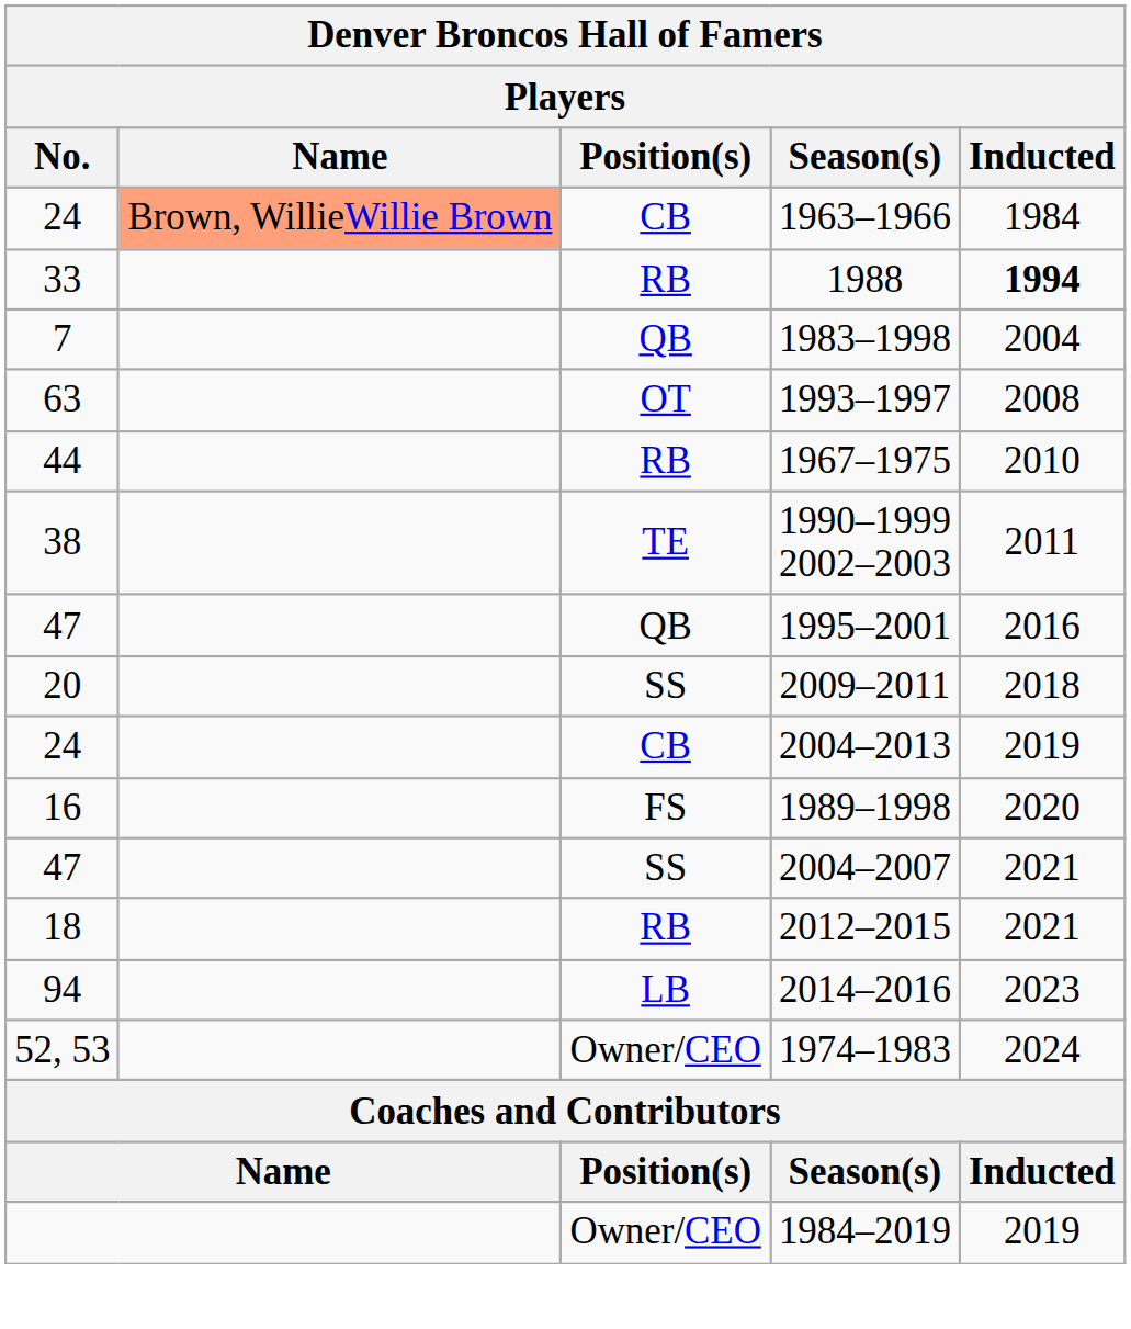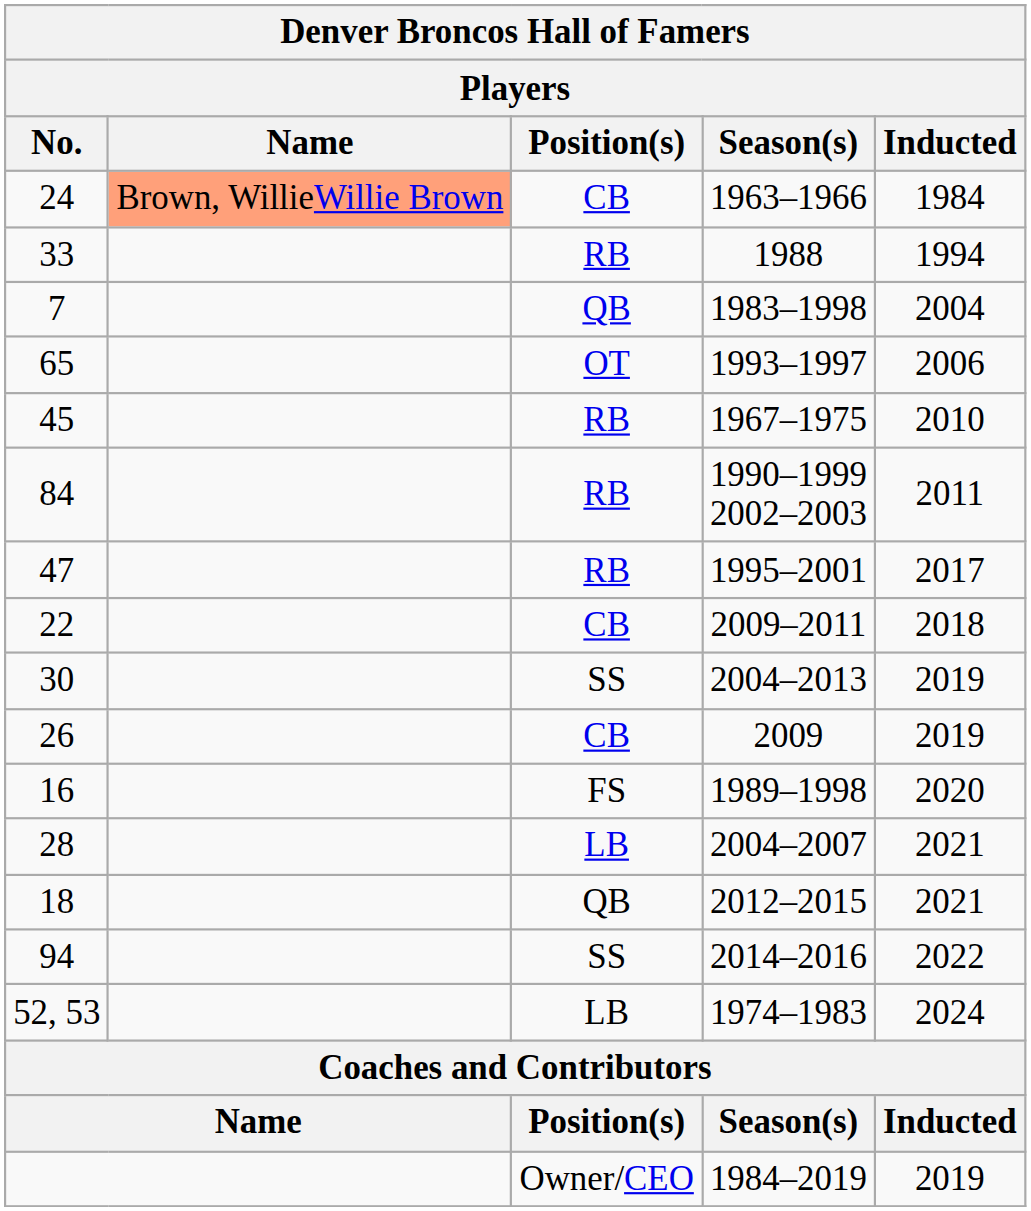 <table class="wikitable sortable" style="text-align:center">
 <tr>
 <th colspan="5">Denver Broncos Hall of Famers</th>
 </tr>
 <tr>
 <th colspan="5">Players</th>
 </tr>
 <tr>
 <th>No.</th>
 <th>Name</th>
 <th>Position(s)</th>
 <th>Season(s)</th>
 <th>Inducted</th>
 </tr>
 <tr>
 <td>24</td>
 <td style="background: lightsalmon;"><span>Brown, Willie</span><a href='#'>Willie Brown</a></td>
 <td><a href='#'>CB</a></td>
 <td>1963–1966</td>
 <td>1984</td>
 </tr>
 <tr>
 <td>33</td>
 <td></td>
 <td><a href='#'>RB</a></td>
 <td>1988</td>
-<td><strong>1994</strong></td>
+<td>1994</td>
 </tr>
 <tr>
 <td>7</td>
 <td><strong></strong></td>
 <td><a href='#'>QB</a></td>
 <td>1983–1998</td>
 <td>2004</td>
 </tr>
 <tr>
-<td>63</td>
+<td>65</td>
 <td><strong></strong></td>
 <td><a href='#'>OT</a></td>
 <td>1993–1997</td>
-<td>2008</td>
+<td>2006</td>
 </tr>
 <tr>
-<td>44</td>
+<td>45</td>
 <td><strong></strong></td>
 <td><a href='#'>RB</a></td>
 <td>1967–1975</td>
 <td>2010</td>
 </tr>
 <tr>
-<td>38</td>
+<td>84</td>
 <td><strong></strong></td>
-<td><a href='#'>TE</a></td>
+<td><a href='#'>RB</a></td>
 <td>1990–1999<br>2002–2003</td>
 <td>2011</td>
 </tr>
 <tr>
 <td>47</td>
 <td><strong></strong></td>
-<td>QB</td>
+<td><a href='#'>RB</a></td>
 <td>1995–2001</td>
-<td>2016</td>
+<td>2017</td>
 </tr>
 <tr>
-<td>20</td>
+<td>22</td>
 <td></td>
-<td>SS</td>
+<td><a href='#'>CB</a></td>
 <td>2009–2011</td>
 <td>2018</td>
 </tr>
 <tr>
-<td>24</td>
+<td>30</td>
 <td><strong></strong></td>
+<td>SS</td>
+<td>2004–2013</td>
+<td>2019</td>
+</tr>
+<tr>
+<td>26</td>
+<td></td>
 <td><a href='#'>CB</a></td>
-<td>2004–2013</td>
+<td>2009</td>
 <td>2019</td>
 </tr>
 <tr>
 <td>16</td>
 <td><strong></strong></td>
 <td>FS</td>
 <td>1989–1998</td>
 <td>2020</td>
 </tr>
 <tr>
-<td>47</td>
+<td>28</td>
 <td></td>
-<td>SS</td>
+<td><a href='#'>LB</a></td>
 <td>2004–2007</td>
 <td>2021</td>
 </tr>
 <tr>
 <td>18</td>
 <td></td>
-<td><a href='#'>RB</a></td>
+<td>QB</td>
 <td>2012–2015</td>
 <td>2021</td>
 </tr>
 <tr>
 <td>94</td>
 <td></td>
-<td><a href='#'>LB</a></td>
+<td>SS</td>
 <td>2014–2016</td>
-<td>2023</td>
+<td>2022</td>
 </tr>
 <tr>
 <td>52, 53</td>
 <td><strong></strong></td>
-<td>Owner/<a href='#'>CEO</a></td>
+<td>LB</td>
 <td>1974–1983</td>
 <td>2024</td>
 </tr>
 <tr>
 <th colspan="5">Coaches and Contributors</th>
 </tr>
 <tr>
 <th colspan="2">Name</th>
 <th>Position(s)</th>
 <th>Season(s)</th>
 <th>Inducted</th>
 </tr>
 <tr>
 <td colspan="2"><strong></strong></td>
 <td>Owner/<a href='#'>CEO</a></td>
 <td>1984–2019</td>
 <td>2019</td>
 </tr>
 </table>
